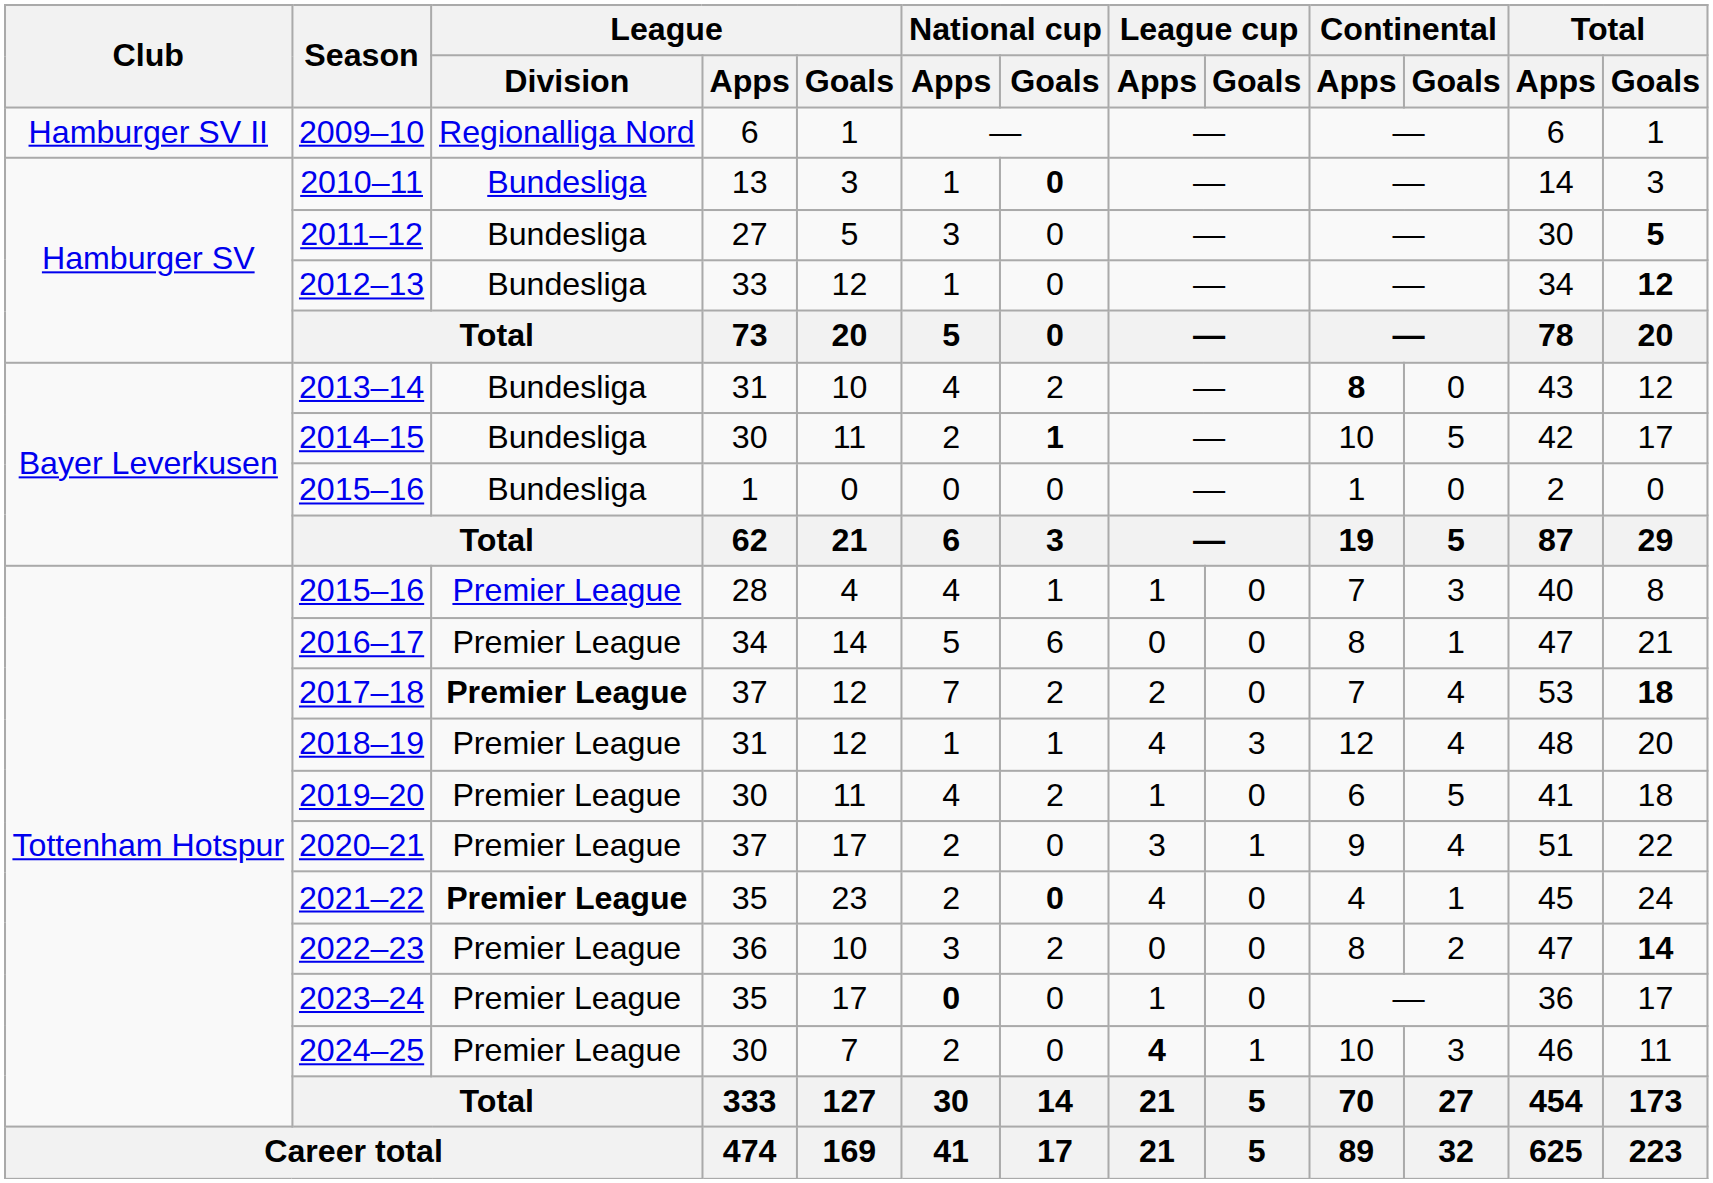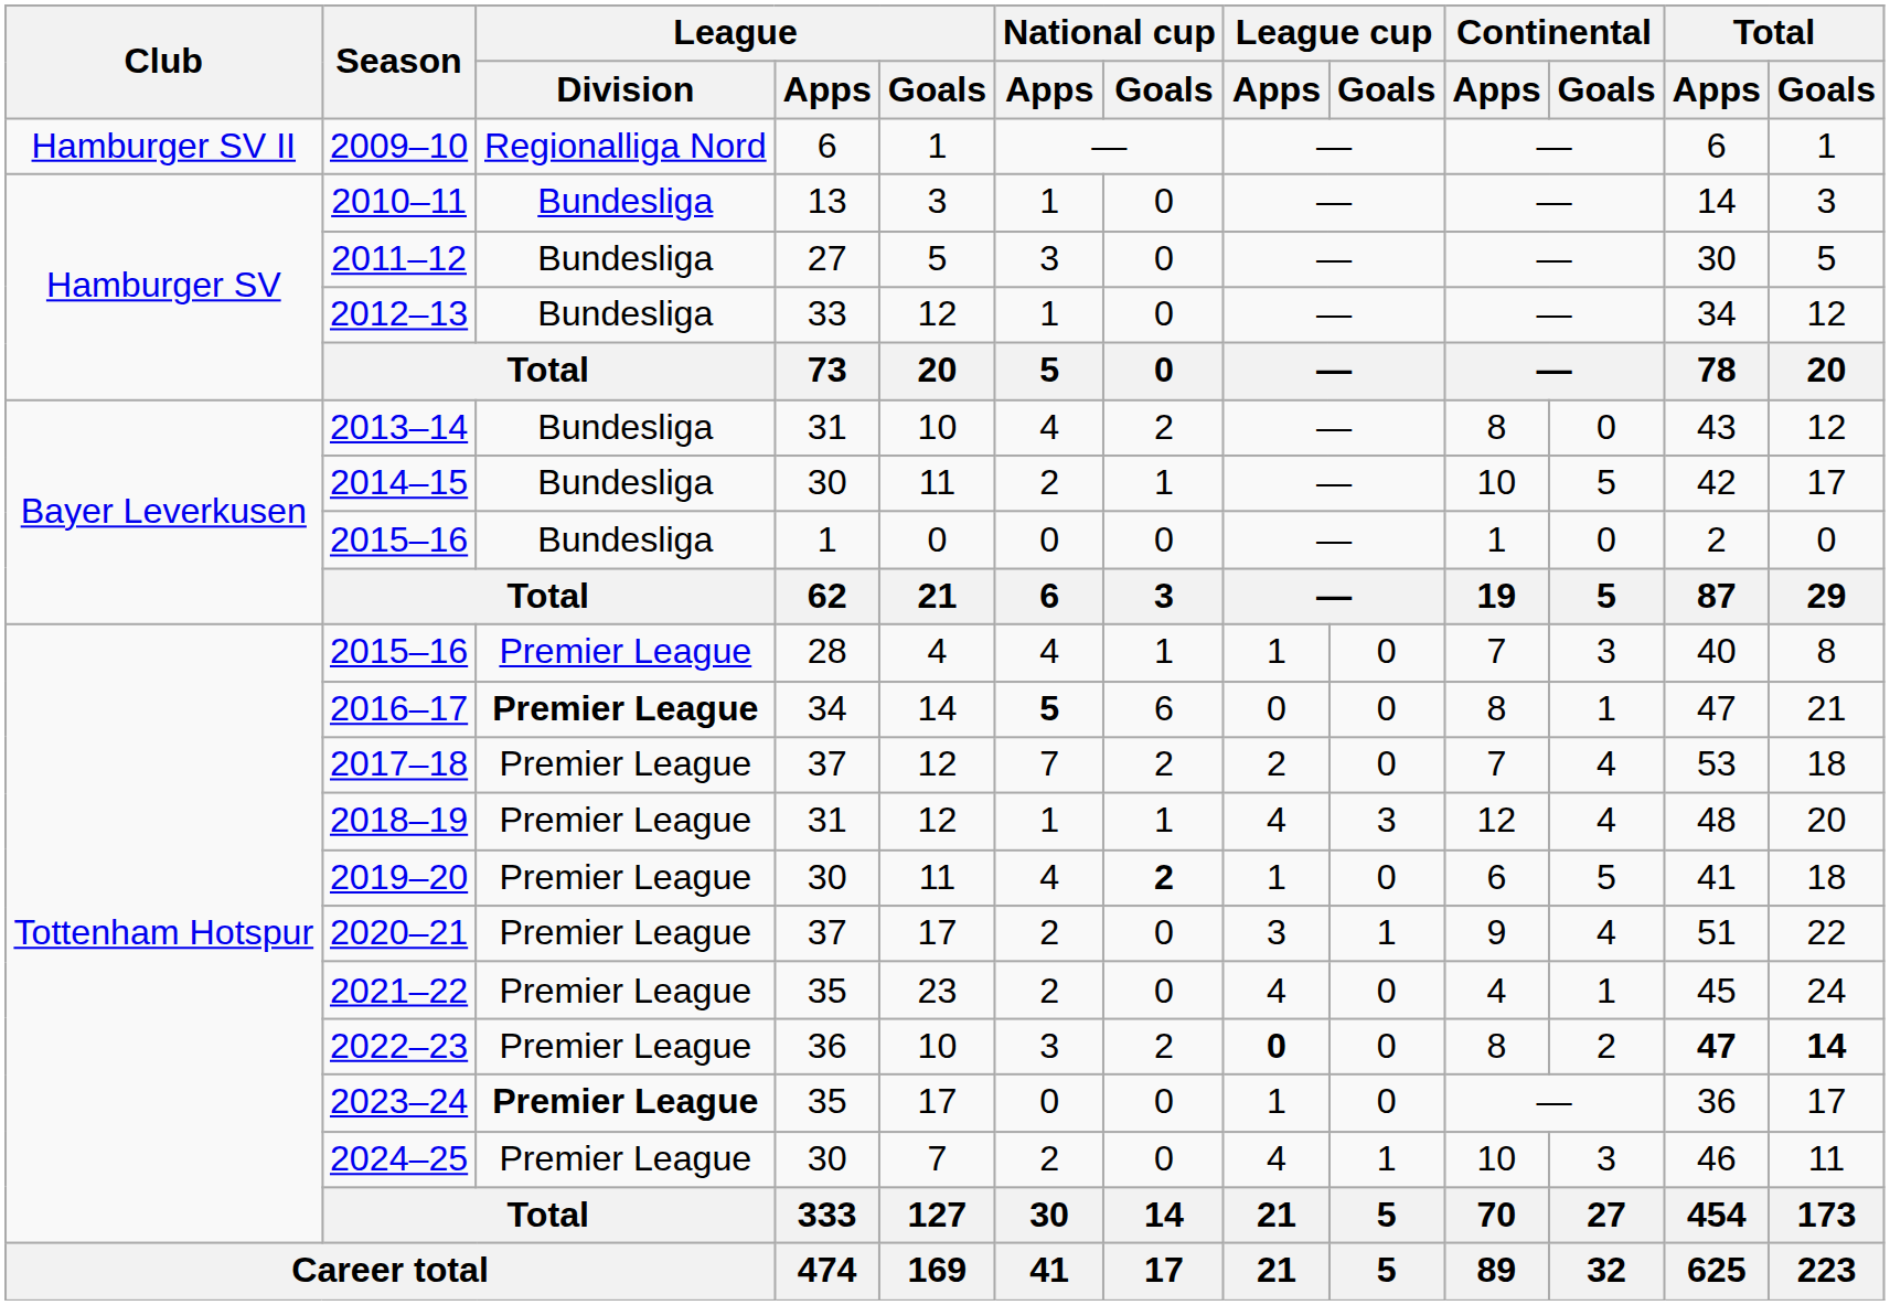 <table class=wikitable style=text-align:center>
 <tr>
 <th rowspan=2>Club</th>
 <th rowspan=2>Season</th>
 <th colspan=3>League</th>
 <th colspan=2>National cup</th>
 <th colspan=2>League cup</th>
 <th colspan=2>Continental</th>
 <th colspan=2>Total</th>
 </tr>
 <tr>
 <th>Division</th>
 <th>Apps</th>
 <th>Goals</th>
 <th>Apps</th>
 <th>Goals</th>
 <th>Apps</th>
 <th>Goals</th>
 <th>Apps</th>
 <th>Goals</th>
 <th>Apps</th>
 <th>Goals</th>
 </tr>
 <tr>
 <td><a href='#'>Hamburger SV II</a></td>
 <td><a href='#'>2009–10</a></td>
 <td><a href='#'>Regionalliga Nord</a></td>
 <td>6</td>
 <td>1</td>
 <td colspan=2>—</td>
 <td colspan=2>—</td>
 <td colspan=2>—</td>
 <td>6</td>
 <td>1</td>
 </tr>
 <tr>
 <td rowspan=4><a href='#'>Hamburger SV</a></td>
 <td><a href='#'>2010–11</a></td>
 <td><a href='#'>Bundesliga</a></td>
 <td>13</td>
 <td>3</td>
 <td>1</td>
-<td><strong>0</strong></td>
+<td>0</td>
 <td colspan=2>—</td>
 <td colspan=2>—</td>
 <td>14</td>
 <td>3</td>
 </tr>
 <tr>
 <td><a href='#'>2011–12</a></td>
 <td>Bundesliga</td>
 <td>27</td>
 <td>5</td>
 <td>3</td>
 <td>0</td>
 <td colspan=2>—</td>
 <td colspan=2>—</td>
 <td>30</td>
-<td><strong>5</strong></td>
+<td>5</td>
 </tr>
 <tr>
 <td><a href='#'>2012–13</a></td>
 <td>Bundesliga</td>
 <td>33</td>
 <td>12</td>
 <td>1</td>
 <td>0</td>
 <td colspan=2>—</td>
 <td colspan=2>—</td>
 <td>34</td>
-<td><strong>12</strong></td>
+<td>12</td>
 </tr>
 <tr>
 <th colspan=2>Total</th>
 <th>73</th>
 <th>20</th>
 <th>5</th>
 <th>0</th>
 <th colspan=2>—</th>
 <th colspan=2>—</th>
 <th>78</th>
 <th>20</th>
 </tr>
 <tr>
 <td rowspan=4><a href='#'>Bayer Leverkusen</a></td>
 <td><a href='#'>2013–14</a></td>
 <td>Bundesliga</td>
 <td>31</td>
 <td>10</td>
 <td>4</td>
 <td>2</td>
 <td colspan=2>—</td>
-<td><strong>8</strong></td>
+<td>8</td>
 <td>0</td>
 <td>43</td>
 <td>12</td>
 </tr>
 <tr>
 <td><a href='#'>2014–15</a></td>
 <td>Bundesliga</td>
 <td>30</td>
 <td>11</td>
 <td>2</td>
-<td><strong>1</strong></td>
+<td>1</td>
 <td colspan=2>—</td>
 <td>10</td>
 <td>5</td>
 <td>42</td>
 <td>17</td>
 </tr>
 <tr>
 <td><a href='#'>2015–16</a></td>
 <td>Bundesliga</td>
 <td>1</td>
 <td>0</td>
 <td>0</td>
 <td>0</td>
 <td colspan=2>—</td>
 <td>1</td>
 <td>0</td>
 <td>2</td>
 <td>0</td>
 </tr>
 <tr>
 <th colspan=2>Total</th>
 <th>62</th>
 <th>21</th>
 <th>6</th>
 <th>3</th>
 <th colspan=2>—</th>
 <th>19</th>
 <th>5</th>
 <th>87</th>
 <th>29</th>
 </tr>
 <tr>
 <td rowspan=11><a href='#'>Tottenham Hotspur</a></td>
 <td><a href='#'>2015–16</a></td>
 <td><a href='#'>Premier League</a></td>
 <td>28</td>
 <td>4</td>
 <td>4</td>
 <td>1</td>
 <td>1</td>
 <td>0</td>
 <td>7</td>
 <td>3</td>
 <td>40</td>
 <td>8</td>
 </tr>
 <tr>
 <td><a href='#'>2016–17</a></td>
-<td>Premier League</td>
+<td><strong>Premier League</strong></td>
 <td>34</td>
 <td>14</td>
-<td>5</td>
+<td><strong>5</strong></td>
 <td>6</td>
 <td>0</td>
 <td>0</td>
 <td>8</td>
 <td>1</td>
 <td>47</td>
 <td>21</td>
 </tr>
 <tr>
 <td><a href='#'>2017–18</a></td>
-<td><strong>Premier League</strong></td>
+<td>Premier League</td>
 <td>37</td>
 <td>12</td>
 <td>7</td>
 <td>2</td>
 <td>2</td>
 <td>0</td>
 <td>7</td>
 <td>4</td>
 <td>53</td>
-<td><strong>18</strong></td>
+<td>18</td>
 </tr>
 <tr>
 <td><a href='#'>2018–19</a></td>
 <td>Premier League</td>
 <td>31</td>
 <td>12</td>
 <td>1</td>
 <td>1</td>
 <td>4</td>
 <td>3</td>
 <td>12</td>
 <td>4</td>
 <td>48</td>
 <td>20</td>
 </tr>
 <tr>
 <td><a href='#'>2019–20</a></td>
 <td>Premier League</td>
 <td>30</td>
 <td>11</td>
 <td>4</td>
-<td>2</td>
+<td><strong>2</strong></td>
 <td>1</td>
 <td>0</td>
 <td>6</td>
 <td>5</td>
 <td>41</td>
 <td>18</td>
 </tr>
 <tr>
 <td><a href='#'>2020–21</a></td>
 <td>Premier League</td>
 <td>37</td>
 <td>17</td>
 <td>2</td>
 <td>0</td>
 <td>3</td>
 <td>1</td>
 <td>9</td>
 <td>4</td>
 <td>51</td>
 <td>22</td>
 </tr>
 <tr>
 <td><a href='#'>2021–22</a></td>
-<td><strong>Premier League</strong></td>
+<td>Premier League</td>
 <td>35</td>
 <td>23</td>
 <td>2</td>
-<td><strong>0</strong></td>
+<td>0</td>
 <td>4</td>
 <td>0</td>
 <td>4</td>
 <td>1</td>
 <td>45</td>
 <td>24</td>
 </tr>
 <tr>
 <td><a href='#'>2022–23</a></td>
 <td>Premier League</td>
 <td>36</td>
 <td>10</td>
 <td>3</td>
 <td>2</td>
-<td>0</td>
+<td><strong>0</strong></td>
 <td>0</td>
 <td>8</td>
 <td>2</td>
-<td>47</td>
+<td><strong>47</strong></td>
 <td><strong>14</strong></td>
 </tr>
 <tr>
 <td><a href='#'>2023–24</a></td>
-<td>Premier League</td>
+<td><strong>Premier League</strong></td>
 <td>35</td>
 <td>17</td>
-<td><strong>0</strong></td>
+<td>0</td>
 <td>0</td>
 <td>1</td>
 <td>0</td>
 <td colspan=2>—</td>
 <td>36</td>
 <td>17</td>
 </tr>
 <tr>
 <td><a href='#'>2024–25</a></td>
 <td>Premier League</td>
 <td>30</td>
 <td>7</td>
 <td>2</td>
 <td>0</td>
-<td><strong>4</strong></td>
+<td>4</td>
 <td>1</td>
 <td>10</td>
 <td>3</td>
 <td>46</td>
 <td>11</td>
 </tr>
 <tr>
 <th colspan=2>Total</th>
 <th>333</th>
 <th>127</th>
 <th>30</th>
 <th>14</th>
 <th>21</th>
 <th>5</th>
 <th>70</th>
 <th>27</th>
 <th>454</th>
 <th>173</th>
 </tr>
 <tr>
 <th colspan=3>Career total</th>
 <th>474</th>
 <th>169</th>
 <th>41</th>
 <th>17</th>
 <th>21</th>
 <th>5</th>
 <th>89</th>
 <th>32</th>
 <th>625</th>
 <th>223</th>
 </tr>
 </table>
